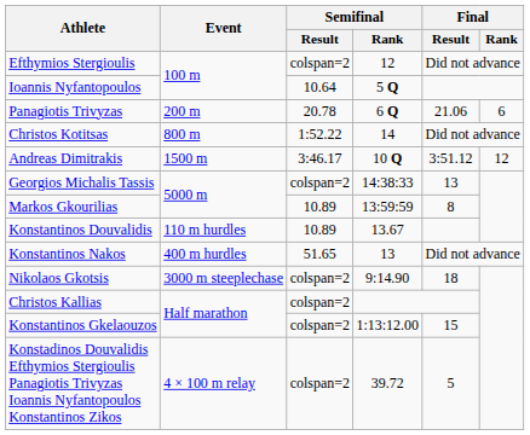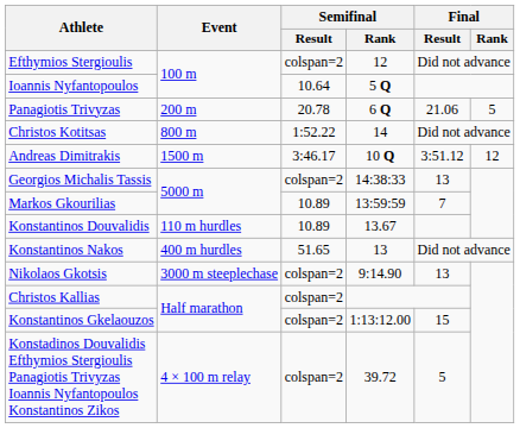 <table class="wikitable" style="font-size:90%">
 <tr>
 <th rowspan="2">Athlete</th>
 <th rowspan="2">Event</th>
 <th colspan="2">Semifinal</th>
 <th colspan="2">Final</th>
 </tr>
 <tr style="font-size:95%">
 <th>Result</th>
 <th>Rank</th>
 <th>Result</th>
 <th>Rank</th>
 </tr>
 <tr align=center>
 <td align=left><a href='#'>Efthymios Stergioulis</a></td>
 <td align=left rowspan=2><a href='#'>100 m</a></td>
 <td>colspan=2 </td>
 <td>12</td>
 <td colspan=2>Did not advance</td>
 </tr>
 <tr align=center>
 <td align=left><a href='#'>Ioannis Nyfantopoulos</a></td>
 <td>10.64</td>
 <td>5 <strong>Q</strong></td>
 <td colspan=2></td>
 </tr>
 <tr align=center>
 <td align=left><a href='#'>Panagiotis Trivyzas</a></td>
 <td align=left><a href='#'>200 m</a></td>
 <td>20.78</td>
 <td>6 <strong>Q</strong></td>
 <td>21.06</td>
-<td>6</td>
+<td>5</td>
 </tr>
 <tr align=center>
 <td align=left><a href='#'>Christos Kotitsas</a></td>
 <td align=left><a href='#'>800 m</a></td>
 <td>1:52.22</td>
 <td>14</td>
 <td colspan=2>Did not advance</td>
 </tr>
 <tr align=center>
 <td align=left><a href='#'>Andreas Dimitrakis</a></td>
 <td align=left><a href='#'>1500 m</a></td>
 <td>3:46.17</td>
 <td>10 <strong>Q</strong></td>
 <td>3:51.12</td>
 <td>12</td>
 </tr>
 <tr align=center>
 <td align=left><a href='#'>Georgios Michalis Tassis</a></td>
 <td align=left rowspan=2><a href='#'>5000 m</a></td>
 <td>colspan=2 </td>
 <td>14:38:33</td>
 <td>13</td>
 </tr>
 <tr align=center>
 <td align=left><a href='#'>Markos Gkourilias</a></td>
 <td>10.89</td>
 <td>13:59:59</td>
-<td>8</td>
+<td>7</td>
 </tr>
 <tr align=center>
 <td align=left><a href='#'>Konstantinos Douvalidis</a></td>
 <td align=left><a href='#'>110 m hurdles</a></td>
 <td>10.89</td>
 <td>13.67</td>
 <td></td>
 </tr>
 <tr align=center>
 <td align=left><a href='#'>Konstantinos Nakos</a></td>
 <td align=left><a href='#'>400 m hurdles</a></td>
 <td>51.65</td>
 <td>13</td>
 <td colspan=2>Did not advance</td>
 </tr>
 <tr align=center>
 <td align=left><a href='#'>Nikolaos Gkotsis</a></td>
 <td align=left><a href='#'>3000 m steeplechase</a></td>
 <td>colspan=2 </td>
 <td>9:14.90</td>
-<td>18</td>
+<td>13</td>
 </tr>
 <tr align=center>
 <td align=left><a href='#'>Christos Kallias</a></td>
 <td align=left rowspan=2><a href='#'>Half marathon</a></td>
 <td>colspan=2 </td>
 <td colspan=2></td>
 </tr>
 <tr align=center>
 <td align=left><a href='#'>Konstantinos Gkelaouzos</a></td>
 <td>colspan=2 </td>
 <td>1:13:12.00</td>
 <td>15</td>
 </tr>
 <tr align=center>
 <td align=left><a href='#'>Konstadinos Douvalidis</a><br><a href='#'>Efthymios Stergioulis</a><br><a href='#'>Panagiotis Trivyzas</a><br><a href='#'>Ioannis Nyfantopoulos</a><br><a href='#'>Konstantinos Zikos</a></td>
 <td align=left><a href='#'>4 × 100 m relay</a></td>
 <td>colspan=2 </td>
 <td>39.72</td>
 <td>5</td>
 </tr>
 </table>
